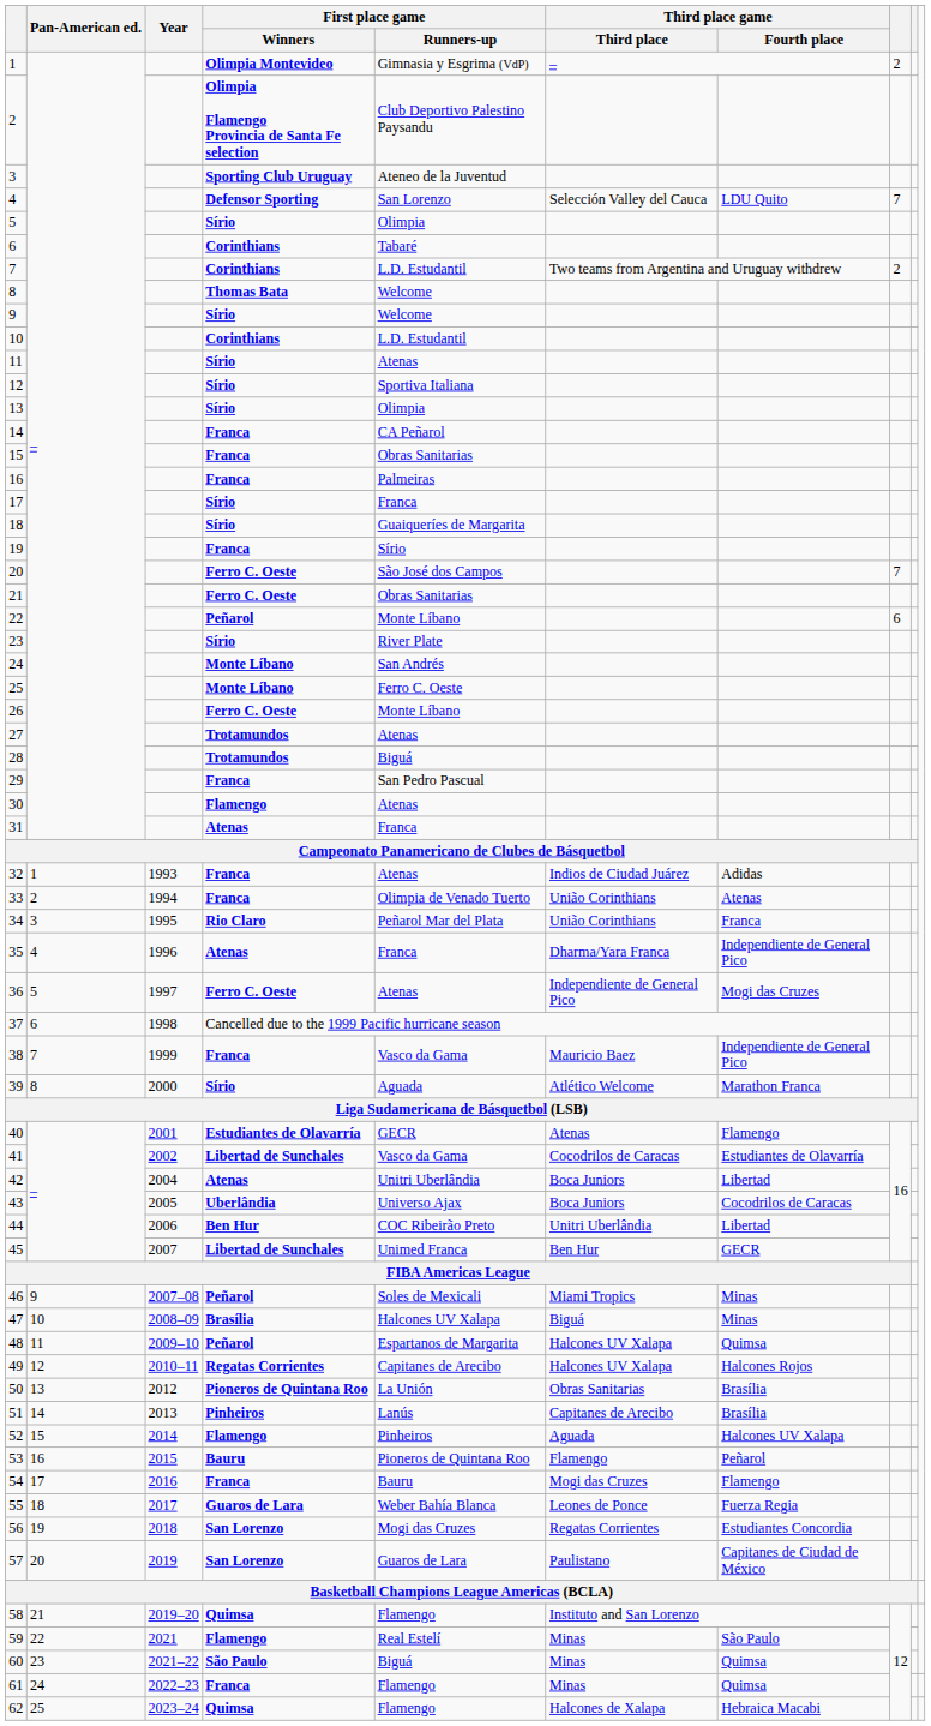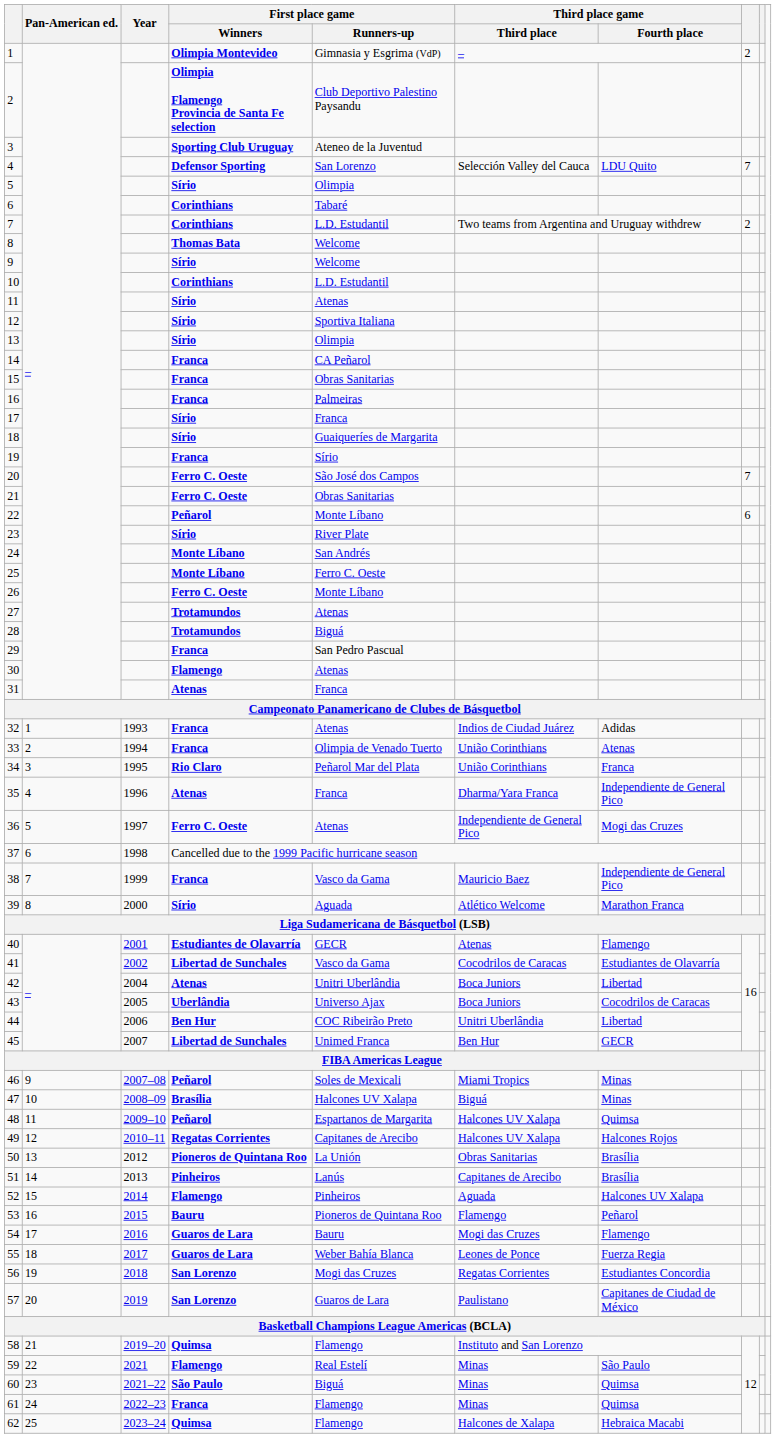 <table class="wikitable sortable" style="font-size:93%; text-align:; width:;">
 <tr>
 <th rowspan="2" style="width:;"></th>
 <th rowspan="2">Pan-American ed.</th>
 <th rowspan="2" style="width:;">Year</th>
 <th colspan="2">First place game</th>
 <th colspan="2">Third place game</th>
 <th rowspan="2" style="width:;"></th>
 <th rowspan="2" style="width:;"></th>
 </tr>
 <tr>
 <th width="170px">Winners</th>
 <th width="170px">Runners-up</th>
 <th width="170px">Third place</th>
 <th width="170px">Fourth place</th>
 </tr>
 <tr>
 <td>1</td>
 <td rowspan="31"><a href='#'>–</a></td>
 <td align="center"></td>
 <td> <strong><a href='#'>Olimpia Montevideo</a></strong></td>
 <td> Gimnasia y Esgrima <small>(VdP)</small></td>
 <td colspan="2"><a href='#'>–</a></td>
 <td>2</td>
 <td></td>
 </tr>
 <tr>
 <td>2</td>
 <td></td>
 <td> <strong><a href='#'>Olimpia</a></strong><br><br> <strong><a href='#'>Flamengo</a></strong><br>  <strong><a href='#'>Provincia de Santa Fe selection</a></strong></td>
 <td> <a href='#'>Club Deportivo Palestino</a><br> Paysandu</td>
 <td></td>
 <td></td>
 <td></td>
 <td></td>
 </tr>
 <tr>
 <td>3</td>
 <td></td>
 <td> <strong><a href='#'>Sporting Club Uruguay</a></strong></td>
 <td> Ateneo de la Juventud</td>
 <td></td>
 <td></td>
 <td></td>
 <td></td>
 </tr>
 <tr>
 <td>4</td>
 <td></td>
 <td> <strong><a href='#'>Defensor Sporting</a></strong></td>
 <td> <a href='#'>San Lorenzo</a></td>
 <td> Selección Valley del Cauca</td>
 <td> <a href='#'>LDU Quito</a></td>
 <td>7</td>
 <td></td>
 </tr>
 <tr>
 <td>5</td>
 <td></td>
 <td> <strong><a href='#'>Sírio</a></strong></td>
 <td> <a href='#'>Olimpia</a></td>
 <td></td>
 <td></td>
 <td></td>
 <td></td>
 </tr>
 <tr>
 <td>6</td>
 <td></td>
 <td> <strong><a href='#'>Corinthians</a></strong></td>
 <td> <a href='#'>Tabaré</a></td>
 <td></td>
 <td></td>
 <td></td>
 <td></td>
 </tr>
 <tr>
 <td>7</td>
 <td></td>
 <td> <strong><a href='#'>Corinthians</a></strong></td>
 <td> <a href='#'>L.D. Estudantil</a></td>
 <td colspan="2">Two teams from Argentina and Uruguay withdrew</td>
 <td>2</td>
 <td></td>
 </tr>
 <tr>
 <td>8</td>
 <td></td>
 <td> <strong><a href='#'>Thomas Bata</a></strong></td>
 <td> <a href='#'>Welcome</a></td>
 <td></td>
 <td></td>
 <td></td>
 <td></td>
 </tr>
 <tr>
 <td>9</td>
 <td></td>
 <td> <strong><a href='#'>Sírio</a></strong></td>
 <td> <a href='#'>Welcome</a></td>
 <td></td>
 <td></td>
 <td></td>
 <td></td>
 </tr>
 <tr>
 <td>10</td>
 <td></td>
 <td> <strong><a href='#'>Corinthians</a></strong></td>
 <td> <a href='#'>L.D. Estudantil</a></td>
 <td></td>
 <td></td>
 <td></td>
 <td></td>
 </tr>
 <tr>
 <td>11</td>
 <td></td>
 <td> <strong><a href='#'>Sírio</a></strong></td>
 <td> <a href='#'>Atenas</a></td>
 <td></td>
 <td></td>
 <td></td>
 <td></td>
 </tr>
 <tr>
 <td>12</td>
 <td></td>
 <td> <strong><a href='#'>Sírio</a></strong></td>
 <td> <a href='#'>Sportiva Italiana</a></td>
 <td></td>
 <td></td>
 <td></td>
 <td></td>
 </tr>
 <tr>
 <td>13</td>
 <td></td>
 <td> <strong><a href='#'>Sírio</a></strong></td>
 <td> <a href='#'>Olimpia</a></td>
 <td></td>
 <td></td>
 <td></td>
 <td></td>
 </tr>
 <tr>
 <td>14</td>
 <td></td>
 <td> <strong><a href='#'>Franca</a></strong></td>
 <td> <a href='#'>CA Peñarol</a></td>
 <td></td>
 <td></td>
 <td></td>
 <td></td>
 </tr>
 <tr>
 <td>15</td>
 <td></td>
 <td> <strong><a href='#'>Franca</a></strong></td>
 <td> <a href='#'>Obras Sanitarias</a></td>
 <td></td>
 <td></td>
 <td></td>
 <td></td>
 </tr>
 <tr>
 <td>16</td>
 <td></td>
 <td> <strong><a href='#'>Franca</a></strong></td>
 <td> <a href='#'>Palmeiras</a></td>
 <td></td>
 <td></td>
 <td></td>
 <td></td>
 </tr>
 <tr>
 <td>17</td>
 <td></td>
 <td> <strong><a href='#'>Sírio</a></strong></td>
 <td> <a href='#'>Franca</a></td>
 <td></td>
 <td></td>
 <td></td>
 <td></td>
 </tr>
 <tr>
 <td>18</td>
 <td></td>
 <td> <strong><a href='#'>Sírio</a></strong></td>
 <td> <a href='#'>Guaiqueríes de Margarita</a></td>
 <td></td>
 <td></td>
 <td></td>
 <td></td>
 </tr>
 <tr>
 <td>19</td>
 <td></td>
 <td> <strong><a href='#'>Franca</a></strong></td>
 <td> <a href='#'>Sírio</a></td>
 <td></td>
 <td></td>
 <td></td>
 <td></td>
 </tr>
 <tr>
 <td>20</td>
 <td></td>
 <td> <strong><a href='#'>Ferro C. Oeste</a></strong></td>
 <td> <a href='#'>São José dos Campos</a></td>
 <td></td>
 <td></td>
 <td>7</td>
 <td></td>
 </tr>
 <tr>
 <td>21</td>
 <td></td>
 <td> <strong><a href='#'>Ferro C. Oeste</a></strong></td>
 <td> <a href='#'>Obras Sanitarias</a></td>
 <td></td>
 <td></td>
 <td></td>
 <td></td>
 </tr>
 <tr>
 <td>22</td>
 <td></td>
 <td> <strong><a href='#'>Peñarol</a></strong></td>
 <td> <a href='#'>Monte Líbano</a></td>
 <td></td>
 <td></td>
 <td>6</td>
 <td></td>
 </tr>
 <tr>
 <td>23</td>
 <td></td>
 <td> <strong><a href='#'>Sírio</a></strong></td>
 <td> <a href='#'>River Plate</a></td>
 <td></td>
 <td></td>
 <td></td>
 <td></td>
 </tr>
 <tr>
 <td>24</td>
 <td></td>
 <td> <strong><a href='#'>Monte Líbano</a></strong></td>
 <td> <a href='#'>San Andrés</a></td>
 <td></td>
 <td></td>
 <td></td>
 <td></td>
 </tr>
 <tr>
 <td>25</td>
 <td></td>
 <td> <strong><a href='#'>Monte Líbano</a></strong></td>
 <td> <a href='#'>Ferro C. Oeste</a></td>
 <td></td>
 <td></td>
 <td></td>
 <td></td>
 </tr>
 <tr>
 <td>26</td>
 <td></td>
 <td> <strong><a href='#'>Ferro C. Oeste</a></strong></td>
 <td> <a href='#'>Monte Líbano</a></td>
 <td></td>
 <td></td>
 <td></td>
 <td></td>
 </tr>
 <tr>
 <td>27</td>
 <td></td>
 <td> <strong><a href='#'>Trotamundos</a></strong></td>
 <td> <a href='#'>Atenas</a></td>
 <td></td>
 <td></td>
 <td></td>
 <td></td>
 </tr>
 <tr>
 <td>28</td>
 <td></td>
 <td> <strong><a href='#'>Trotamundos</a></strong></td>
 <td> <a href='#'>Biguá</a></td>
 <td></td>
 <td></td>
 <td></td>
 <td></td>
 </tr>
 <tr>
 <td>29</td>
 <td></td>
 <td> <strong><a href='#'>Franca</a></strong></td>
 <td> San Pedro Pascual</td>
 <td></td>
 <td></td>
 <td></td>
 <td></td>
 </tr>
 <tr>
 <td>30</td>
 <td></td>
 <td><strong> <a href='#'>Flamengo</a></strong></td>
 <td> <a href='#'>Atenas</a></td>
 <td></td>
 <td></td>
 <td></td>
 <td></td>
 </tr>
 <tr>
 <td>31</td>
 <td></td>
 <td><strong> <a href='#'>Atenas</a></strong></td>
 <td> <a href='#'>Franca</a></td>
 <td></td>
 <td></td>
 <td></td>
 <td></td>
 </tr>
 <tr>
 <th colspan="9"><a href='#'>Campeonato Panamericano de Clubes de Básquetbol</a></th>
 </tr>
 <tr>
 <td>32</td>
 <td>1</td>
 <td>1993</td>
 <td><strong> <a href='#'>Franca</a></strong></td>
 <td>  <a href='#'>Atenas</a></td>
 <td> <a href='#'>Indios de Ciudad Juárez</a></td>
 <td> Adidas</td>
 <td></td>
 <td></td>
 </tr>
 <tr>
 <td>33</td>
 <td>2</td>
 <td>1994</td>
 <td><strong> <a href='#'>Franca</a></strong></td>
 <td> <a href='#'>Olimpia de Venado Tuerto</a></td>
 <td> <a href='#'>União Corinthians</a></td>
 <td>  <a href='#'>Atenas</a></td>
 <td></td>
 <td></td>
 </tr>
 <tr>
 <td>34</td>
 <td>3</td>
 <td>1995</td>
 <td><strong> <a href='#'>Rio Claro</a></strong></td>
 <td> <a href='#'>Peñarol Mar del Plata</a></td>
 <td> <a href='#'>União Corinthians</a></td>
 <td> <a href='#'>Franca</a></td>
 <td></td>
 <td></td>
 </tr>
 <tr>
 <td>35</td>
 <td>4</td>
 <td>1996</td>
 <td><strong> <a href='#'>Atenas</a></strong></td>
 <td> <a href='#'>Franca</a></td>
 <td> <a href='#'>Dharma/Yara Franca</a></td>
 <td> <a href='#'>Independiente de General Pico</a></td>
 <td></td>
 <td><strong></strong></td>
 </tr>
 <tr>
 <td>36</td>
 <td>5</td>
 <td>1997</td>
 <td> <strong><a href='#'>Ferro C. Oeste</a></strong></td>
 <td> <a href='#'>Atenas</a></td>
 <td> <a href='#'>Independiente de General Pico</a></td>
 <td> <a href='#'>Mogi das Cruzes</a></td>
 <td></td>
 <td></td>
 </tr>
 <tr>
 <td>37</td>
 <td>6</td>
 <td>1998</td>
 <td colspan="4">Cancelled due to the <a href='#'>1999 Pacific hurricane season</a></td>
 <td></td>
 <td></td>
 </tr>
 <tr>
 <td>38</td>
 <td>7</td>
 <td>1999</td>
 <td><strong> <a href='#'>Franca</a></strong></td>
 <td> <a href='#'>Vasco da Gama</a></td>
 <td> <a href='#'>Mauricio Baez</a></td>
 <td> <a href='#'>Independiente de General Pico</a></td>
 <td></td>
 <td></td>
 </tr>
 <tr>
 <td>39</td>
 <td>8</td>
 <td>2000</td>
 <td> <strong><a href='#'>Sírio</a></strong></td>
 <td> <a href='#'>Aguada</a></td>
 <td> <a href='#'>Atlético Welcome</a></td>
 <td> <a href='#'>Marathon Franca</a></td>
 <td></td>
 <td><strong></strong></td>
 </tr>
 <tr>
 <th colspan="9"><a href='#'>Liga Sudamericana de Básquetbol</a> (LSB)</th>
 </tr>
 <tr>
 <td>40</td>
 <td rowspan="6"><a href='#'>–</a></td>
 <td><a href='#'>2001</a></td>
 <td><strong> <a href='#'>Estudiantes de Olavarría</a></strong></td>
 <td><strong></strong> <a href='#'>GECR</a></td>
 <td><strong></strong> <a href='#'>Atenas</a></td>
 <td> <a href='#'>Flamengo</a></td>
 <td rowspan="6">16</td>
 <td></td>
 </tr>
 <tr>
 <td>41</td>
 <td><a href='#'>2002</a></td>
 <td><strong> <a href='#'>Libertad de Sunchales</a></strong></td>
 <td><strong></strong> <a href='#'>Vasco da Gama</a></td>
 <td> <a href='#'>Cocodrilos de Caracas</a></td>
 <td><strong></strong> <a href='#'>Estudiantes de Olavarría</a></td>
 <td></td>
 </tr>
 <tr>
 <td>42</td>
 <td>2004</td>
 <td><strong> <a href='#'>Atenas</a></strong></td>
 <td><strong></strong> <a href='#'>Unitri Uberlândia</a></td>
 <td><strong></strong> <a href='#'>Boca Juniors</a></td>
 <td><strong></strong> <a href='#'>Libertad</a></td>
 <td></td>
 </tr>
 <tr>
 <td>43</td>
 <td>2005</td>
 <td><strong> <a href='#'>Uberlândia</a></strong></td>
 <td> <a href='#'>Universo Ajax</a></td>
 <td><strong></strong> <a href='#'>Boca Juniors</a></td>
 <td> <a href='#'>Cocodrilos de Caracas</a></td>
 <td></td>
 </tr>
 <tr>
 <td>44</td>
 <td>2006</td>
 <td><strong> <a href='#'>Ben Hur</a></strong></td>
 <td> <a href='#'>COC Ribeirão Preto</a></td>
 <td> <a href='#'>Unitri Uberlândia</a></td>
 <td><strong></strong> <a href='#'>Libertad</a></td>
 <td></td>
 </tr>
 <tr>
 <td>45</td>
 <td>2007</td>
 <td><strong> <a href='#'>Libertad de Sunchales</a></strong></td>
 <td> <a href='#'>Unimed Franca</a></td>
 <td><strong></strong> <a href='#'>Ben Hur</a></td>
 <td><strong></strong> <a href='#'>GECR</a></td>
 <td></td>
 </tr>
 <tr>
 <th colspan="8"><a href='#'>FIBA Americas League</a></th>
 <td></td>
 </tr>
 <tr>
 <td>46</td>
 <td>9</td>
 <td><a href='#'>2007–08</a></td>
 <td> <strong><a href='#'>Peñarol</a></strong></td>
 <td> <a href='#'>Soles de Mexicali</a></td>
 <td> <a href='#'>Miami Tropics</a></td>
 <td><strong></strong> <a href='#'>Minas</a></td>
 <td></td>
 <td></td>
 </tr>
 <tr>
 <td>47</td>
 <td>10</td>
 <td><a href='#'>2008–09</a></td>
 <td><strong></strong> <strong><a href='#'>Brasília</a></strong></td>
 <td> <a href='#'>Halcones UV Xalapa</a></td>
 <td> <a href='#'>Biguá</a></td>
 <td><strong></strong> <a href='#'>Minas</a></td>
 <td></td>
 <td></td>
 </tr>
 <tr>
 <td>48</td>
 <td>11</td>
 <td><a href='#'>2009–10</a></td>
 <td><strong></strong> <strong><a href='#'>Peñarol</a></strong></td>
 <td> <a href='#'>Espartanos de Margarita</a></td>
 <td> <a href='#'>Halcones UV Xalapa</a></td>
 <td> <a href='#'>Quimsa</a></td>
 <td></td>
 <td></td>
 </tr>
 <tr>
 <td>49</td>
 <td>12</td>
 <td><a href='#'>2010–11</a></td>
 <td> <strong><a href='#'>Regatas Corrientes</a></strong></td>
 <td> <a href='#'>Capitanes de Arecibo</a></td>
 <td> <a href='#'>Halcones UV Xalapa</a></td>
 <td> <a href='#'>Halcones Rojos</a></td>
 <td></td>
 <td></td>
 </tr>
 <tr>
 <td>50</td>
 <td>13</td>
 <td>2012</td>
 <td> <strong><a href='#'>Pioneros de Quintana Roo</a></strong></td>
 <td><strong></strong> <a href='#'>La Unión</a></td>
 <td><strong></strong> <a href='#'>Obras Sanitarias</a></td>
 <td><strong></strong> <a href='#'>Brasília</a></td>
 <td></td>
 <td></td>
 </tr>
 <tr>
 <td>51</td>
 <td>14</td>
 <td>2013</td>
 <td><strong></strong> <strong><a href='#'>Pinheiros</a></strong></td>
 <td><strong></strong> <a href='#'>Lanús</a></td>
 <td> <a href='#'>Capitanes de Arecibo</a></td>
 <td><strong></strong> <a href='#'>Brasília</a></td>
 <td></td>
 <td></td>
 </tr>
 <tr>
 <td>52</td>
 <td>15</td>
 <td><a href='#'>2014</a></td>
 <td><strong> <a href='#'>Flamengo</a></strong></td>
 <td><strong></strong> <a href='#'>Pinheiros</a></td>
 <td> <a href='#'>Aguada</a></td>
 <td> <a href='#'>Halcones UV Xalapa</a></td>
 <td></td>
 <td></td>
 </tr>
 <tr>
 <td>53</td>
 <td>16</td>
 <td><a href='#'>2015</a></td>
 <td><strong></strong> <strong><a href='#'>Bauru</a></strong></td>
 <td> <a href='#'>Pioneros de Quintana Roo</a></td>
 <td><strong></strong> <a href='#'>Flamengo</a></td>
 <td> <a href='#'>Peñarol</a></td>
 <td></td>
 <td></td>
 </tr>
 <tr>
 <td>54</td>
 <td>17</td>
 <td><a href='#'>2016</a></td>
-<td> <strong><a href='#'>Franca</a></strong></td>
+<td> <strong><a href='#'>Guaros de Lara</a></strong></td>
 <td><strong></strong> <a href='#'>Bauru</a></td>
 <td><strong></strong> <a href='#'>Mogi das Cruzes</a></td>
 <td><strong></strong> <a href='#'>Flamengo</a></td>
 <td></td>
 <td></td>
 </tr>
 <tr>
 <td>55</td>
 <td>18</td>
 <td><a href='#'>2017</a></td>
 <td> <strong><a href='#'>Guaros de Lara</a></strong></td>
 <td> <a href='#'>Weber Bahía Blanca</a></td>
 <td> <a href='#'>Leones de Ponce</a></td>
 <td> <a href='#'>Fuerza Regia</a></td>
 <td></td>
 <td></td>
 </tr>
 <tr>
 <td>56</td>
 <td>19</td>
 <td><a href='#'>2018</a></td>
 <td><strong></strong> <strong><a href='#'>San Lorenzo</a></strong></td>
 <td><strong></strong> <a href='#'>Mogi das Cruzes</a></td>
 <td> <a href='#'>Regatas Corrientes</a></td>
 <td> <a href='#'>Estudiantes Concordia</a></td>
 <td></td>
 <td></td>
 </tr>
 <tr>
 <td>57</td>
 <td>20</td>
 <td><a href='#'>2019</a></td>
 <td><strong></strong> <strong><a href='#'>San Lorenzo</a></strong></td>
 <td> <a href='#'>Guaros de Lara</a></td>
 <td> <a href='#'>Paulistano</a></td>
 <td> <a href='#'>Capitanes de Ciudad de México</a></td>
 <td></td>
 <td></td>
 </tr>
 <tr>
 <th colspan="9"><a href='#'>Basketball Champions League Americas</a> (BCLA)</th>
 <td></td>
 </tr>
 <tr>
 <td>58</td>
 <td>21</td>
 <td><a href='#'>2019–20</a></td>
 <td><strong></strong> <strong><a href='#'>Quimsa</a></strong></td>
 <td> <a href='#'>Flamengo</a></td>
 <td colspan="2"> <a href='#'>Instituto</a> and  <a href='#'>San Lorenzo</a></td>
 <td rowspan="5">12</td>
 <td></td>
 </tr>
 <tr>
 <td>59</td>
 <td>22</td>
 <td><a href='#'>2021</a></td>
 <td><strong> <a href='#'>Flamengo</a></strong></td>
 <td> <a href='#'>Real Estelí</a></td>
 <td> <a href='#'>Minas</a></td>
 <td> <a href='#'>São Paulo</a></td>
 <td></td>
 </tr>
 <tr>
 <td>60</td>
 <td>23</td>
 <td><a href='#'>2021–22</a></td>
 <td><strong></strong> <strong><a href='#'>São Paulo</a></strong></td>
 <td> <a href='#'>Biguá</a></td>
 <td> <a href='#'>Minas</a></td>
 <td><strong></strong> <a href='#'>Quimsa</a></td>
 <td></td>
 </tr>
 <tr>
 <td>61</td>
 <td>24</td>
 <td><a href='#'>2022–23</a></td>
 <td><strong></strong> <strong><a href='#'>Franca</a></strong></td>
 <td><strong></strong> <a href='#'>Flamengo</a></td>
 <td> <a href='#'>Minas</a></td>
 <td><strong></strong> <a href='#'>Quimsa</a></td>
 <td></td>
 <td></td>
 </tr>
 <tr>
 <td>62</td>
 <td>25</td>
 <td><a href='#'>2023–24</a></td>
 <td><strong></strong> <strong><a href='#'>Quimsa</a></strong></td>
 <td><strong></strong> <a href='#'>Flamengo</a></td>
 <td><strong></strong> <a href='#'>Halcones de Xalapa</a></td>
 <td><strong></strong> <a href='#'>Hebraica Macabi</a></td>
 <td></td>
 <td></td>
 </tr>
 </table>
